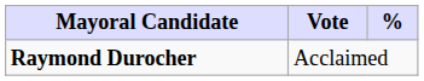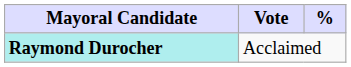 <table class="wikitable">
 <tr>
 <th style="background:#ddf; width:200px;">Mayoral Candidate</th>
 <th style="background:#ddf; width:50px;">Vote</th>
 <th style="background:#ddf; width:30px;">%</th>
 </tr>
 <tr>
-<td><strong>Raymond Durocher</strong></td>
+<td style="background: paleturquoise;"><strong>Raymond Durocher</strong></td>
 <td colspan="2">Acclaimed</td>
 </tr>
 </table>
